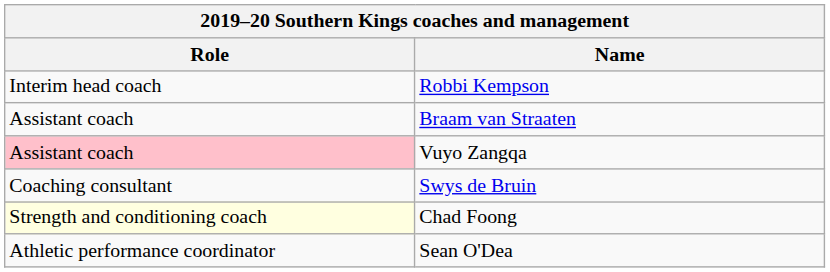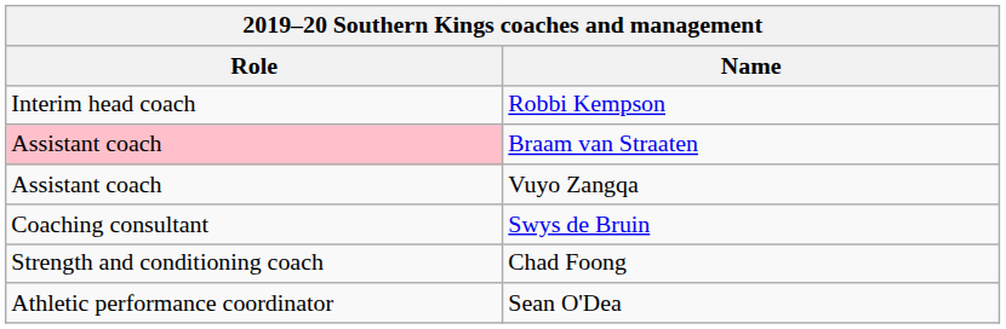 <table class="wikitable sortable" style="text-align:left; font-size:90%; width:30%">
 <tr>
 <th colspan=100%>2019–20 Southern Kings coaches and management</th>
 </tr>
 <tr>
 <th style="width:50%;">Role</th>
 <th style="width:50%;">Name</th>
 </tr>
 <tr>
 <td>Interim head coach</td>
 <td><a href='#'>Robbi Kempson</a></td>
 </tr>
 <tr>
-<td>Assistant coach</td>
+<td style="background: pink;">Assistant coach</td>
 <td><a href='#'>Braam van Straaten</a></td>
 </tr>
 <tr>
-<td style="background: pink;">Assistant coach</td>
+<td>Assistant coach</td>
 <td>Vuyo Zangqa</td>
 </tr>
 <tr>
 <td>Coaching consultant</td>
 <td><a href='#'>Swys de Bruin</a></td>
 </tr>
 <tr>
-<td style="background: lightyellow;">Strength and conditioning coach</td>
+<td>Strength and conditioning coach</td>
 <td>Chad Foong</td>
 </tr>
 <tr>
 <td>Athletic performance coordinator</td>
 <td>Sean O'Dea</td>
 </tr>
 </table>
